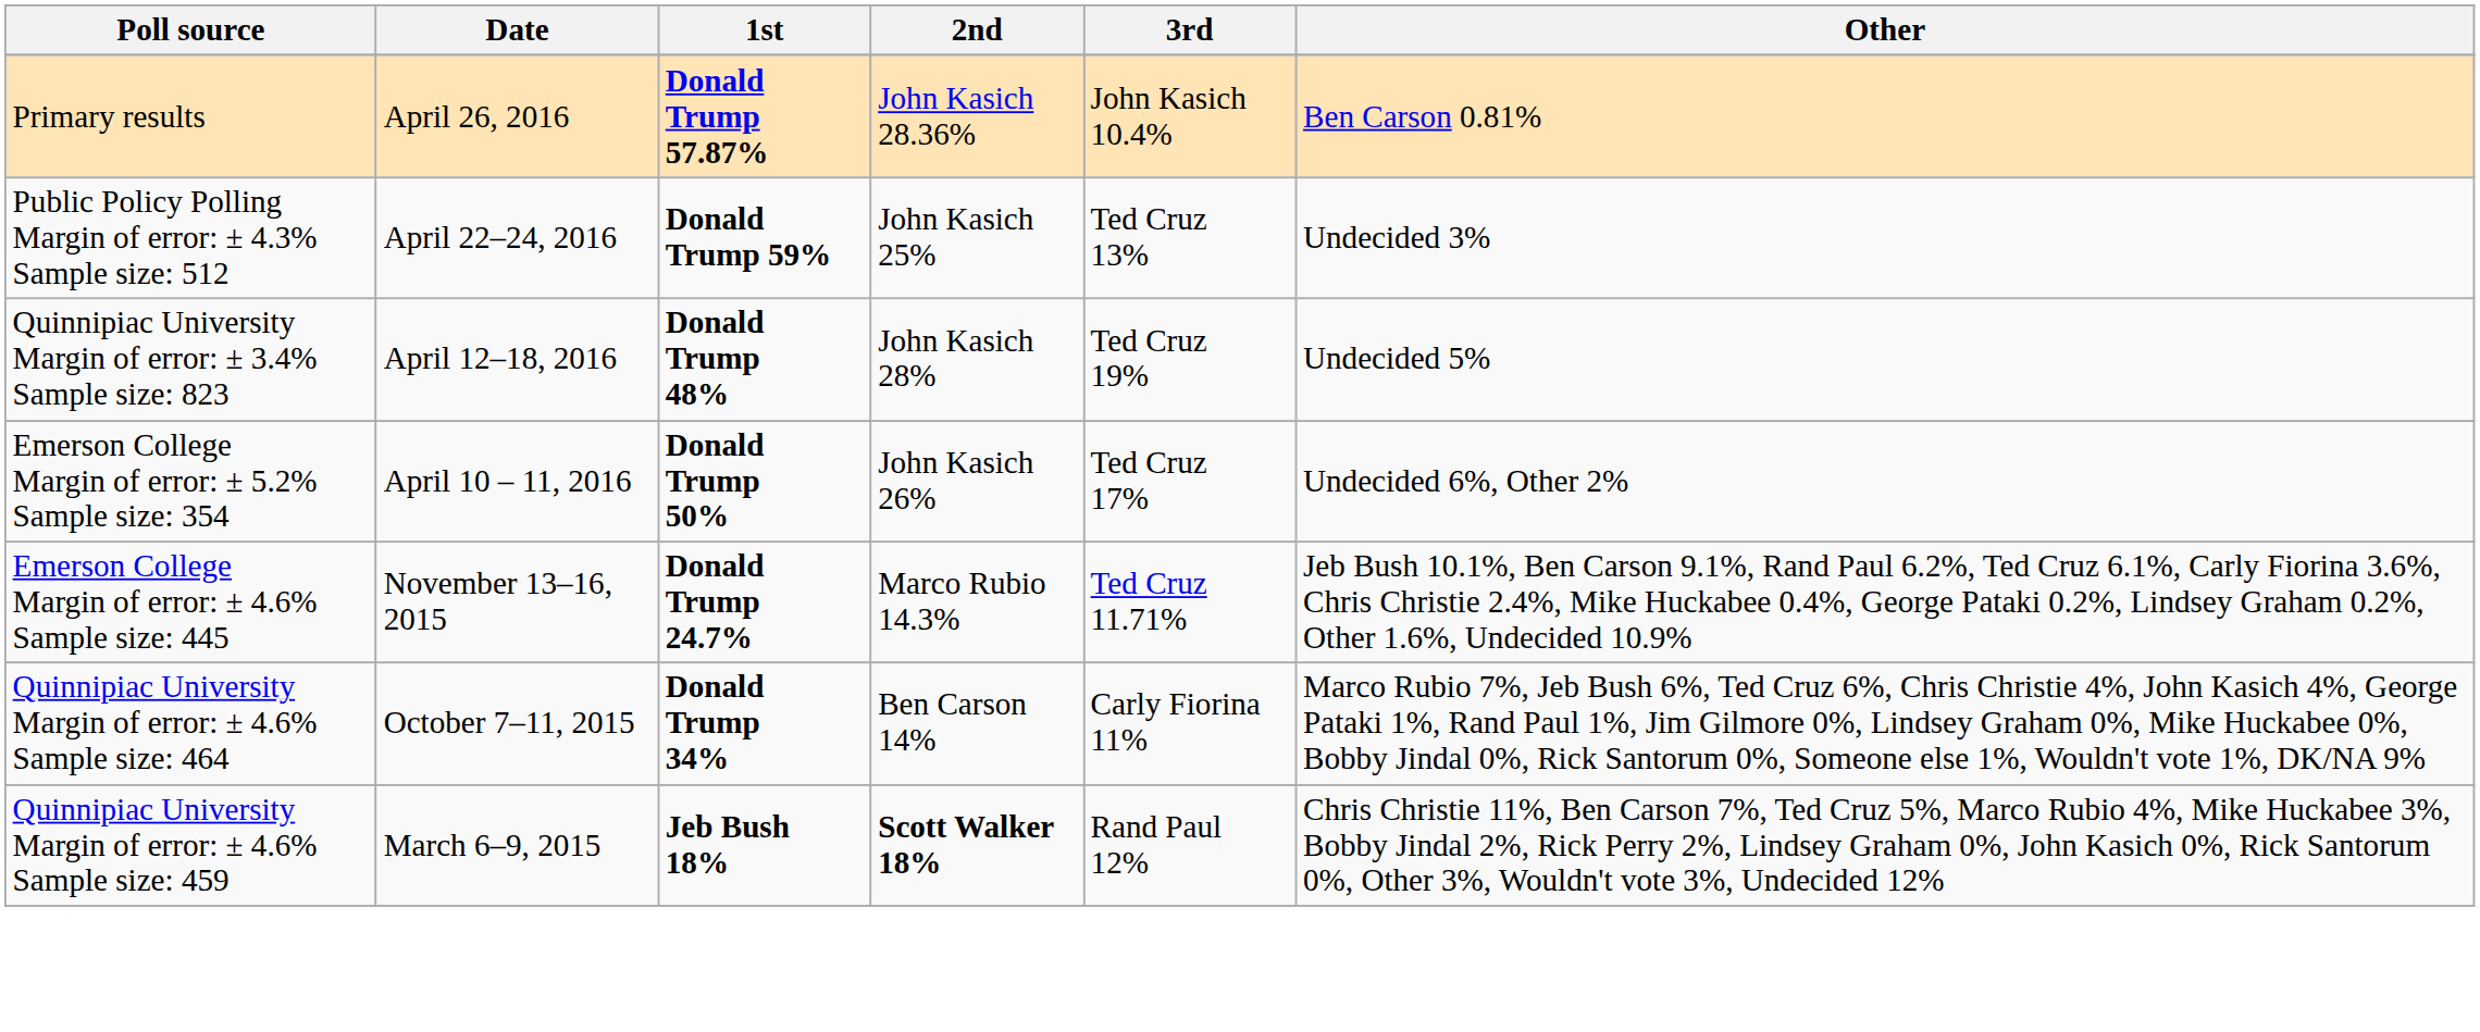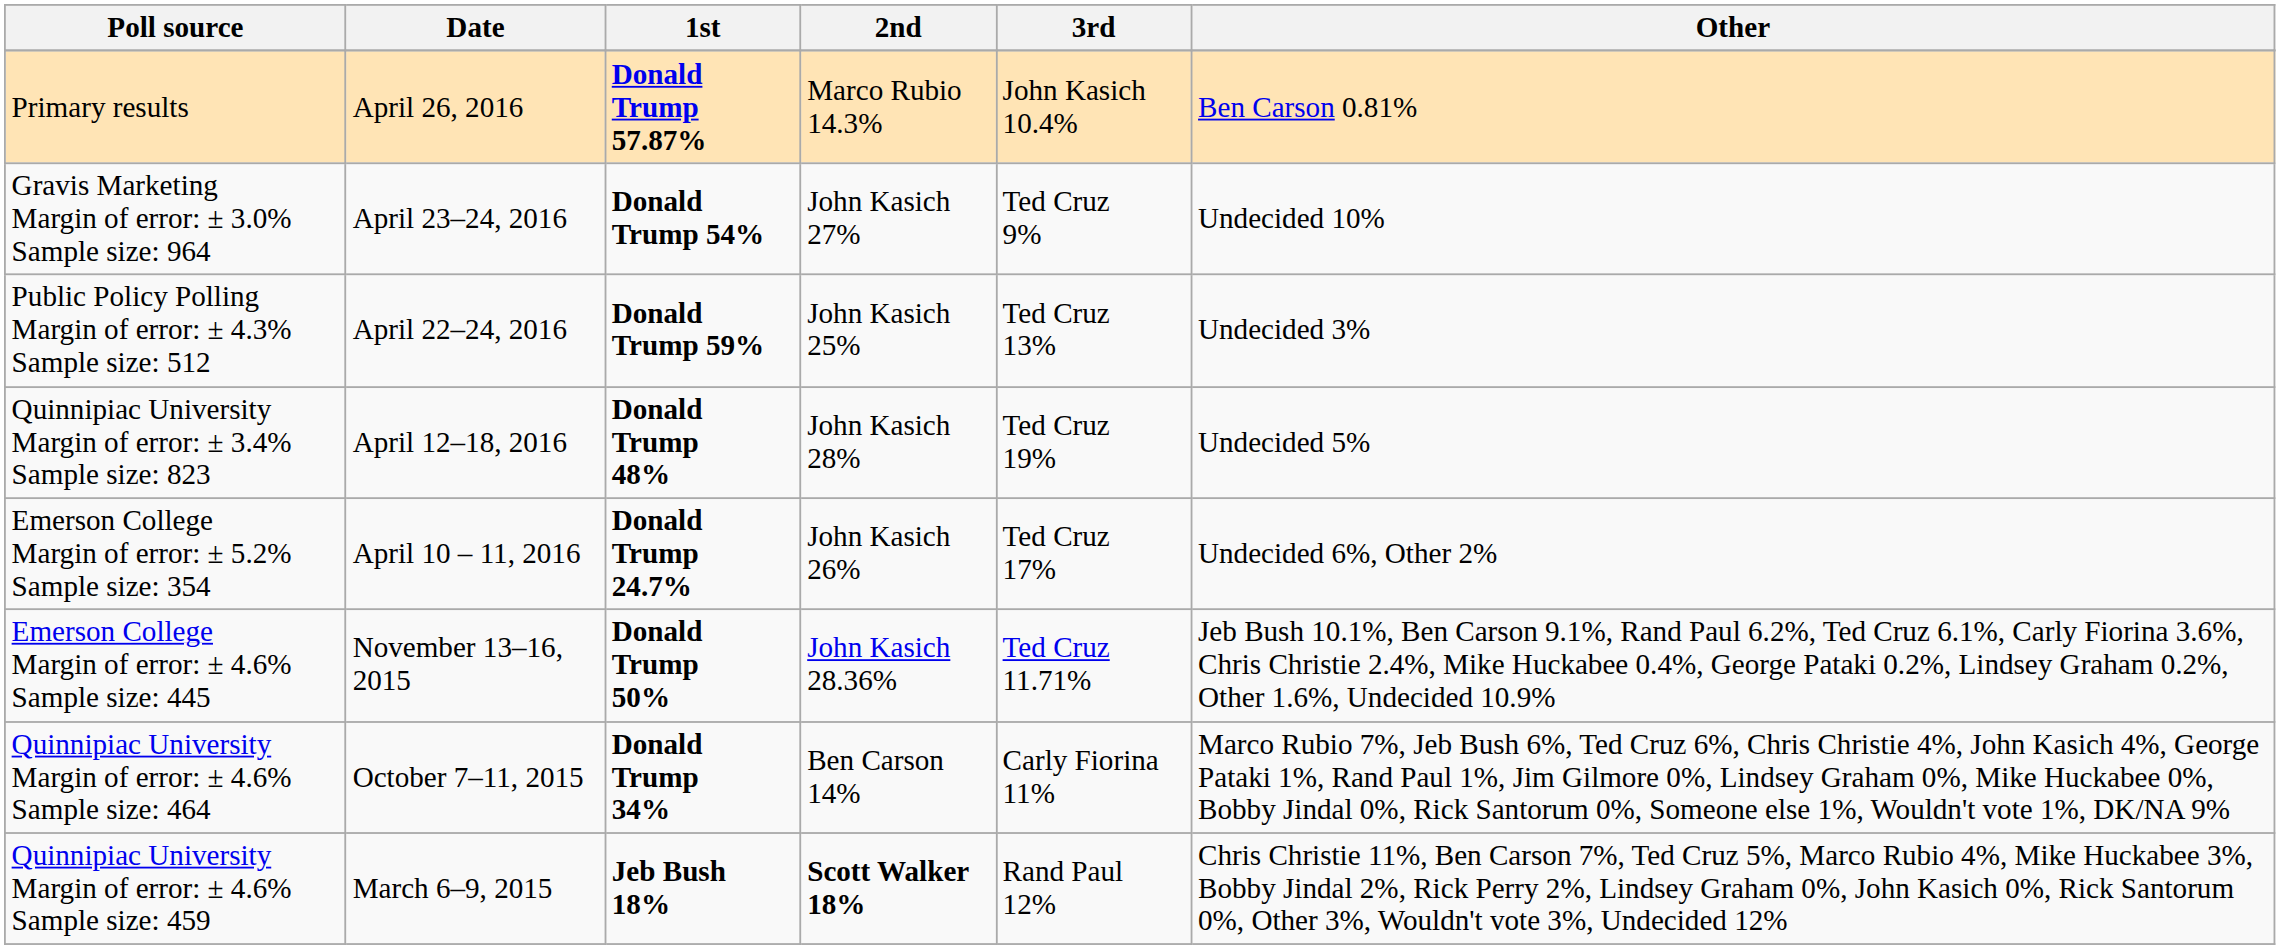 <table class="wikitable">
 <tr>
 <th style="width:180px;">Poll source</th>
 <th style="width:135px;">Date</th>
 <th style="width:100px;">1st</th>
 <th style="width:100px;">2nd</th>
 <th style="width:100px;">3rd</th>
 <th>Other</th>
 </tr>
 <tr>
 </tr>
 <tr style="background:Moccasin;">
 <td>Primary results</td>
 <td>April 26, 2016</td>
 <td><strong><a href='#'>Donald Trump</a><br>57.87%</strong></td>
-<td><a href='#'>John Kasich</a><br>28.36%</td>
+<td>Marco Rubio<br>14.3%</td>
 <td>John Kasich<br>10.4%</td>
 <td><a href='#'>Ben Carson</a> 0.81%</td>
+</tr>
+<tr>
+<td>Gravis Marketing<br>Margin of error: ± 3.0% <br>Sample size: 964</td>
+<td>April 23–24, 2016</td>
+<td><strong>Donald Trump 54%</strong></td>
+<td>John Kasich<br>27%</td>
+<td>Ted Cruz<br>9%</td>
+<td>Undecided 10%</td>
 </tr>
 <tr>
 <td>Public Policy Polling<br>Margin of error: ± 4.3% <br>Sample size: 512</td>
 <td>April 22–24, 2016</td>
 <td><strong>Donald Trump 59%</strong></td>
 <td>John Kasich<br>25%</td>
 <td>Ted Cruz<br>13%</td>
 <td>Undecided 3%</td>
 </tr>
 <tr>
 <td>Quinnipiac University<br>Margin of error: ± 3.4% <br>Sample size: 823</td>
 <td>April 12–18, 2016</td>
 <td><strong>Donald Trump<br>48%</strong></td>
 <td>John Kasich<br>28%</td>
 <td>Ted Cruz<br>19%</td>
 <td>Undecided 5%</td>
 </tr>
 <tr>
 <td>Emerson College<br>Margin of error: ± 5.2% <br>Sample size: 354</td>
 <td>April 10 – 11, 2016</td>
-<td><strong>Donald Trump<br>50%</strong></td>
+<td><strong>Donald Trump<br>24.7%</strong></td>
 <td>John Kasich<br>26%</td>
 <td>Ted Cruz<br>17%</td>
 <td>Undecided 6%, Other 2%</td>
 </tr>
 <tr>
 <td><a href='#'>Emerson College</a><br>Margin of error: ± 4.6% <br>Sample size: 445</td>
 <td>November 13–16, 2015</td>
-<td><strong>Donald Trump<br>24.7%</strong></td>
-<td>Marco Rubio<br>14.3%</td>
+<td><strong>Donald Trump<br>50%</strong></td>
+<td><a href='#'>John Kasich</a><br>28.36%</td>
 <td><a href='#'>Ted Cruz</a><br>11.71%</td>
 <td>Jeb Bush 10.1%, Ben Carson 9.1%, Rand Paul 6.2%, Ted Cruz 6.1%, Carly Fiorina 3.6%, Chris Christie 2.4%, Mike Huckabee 0.4%, George Pataki 0.2%, Lindsey Graham 0.2%, Other 1.6%, Undecided 10.9%</td>
 </tr>
 <tr>
 <td><a href='#'>Quinnipiac University</a><br>Margin of error: ± 4.6% <br>Sample size: 464</td>
 <td>October 7–11, 2015</td>
 <td><strong>Donald Trump<br>34%</strong></td>
 <td>Ben Carson<br>14%</td>
 <td>Carly Fiorina<br>11%</td>
 <td>Marco Rubio 7%, Jeb Bush 6%, Ted Cruz 6%, Chris Christie 4%, John Kasich 4%, George Pataki 1%, Rand Paul 1%, Jim Gilmore 0%, Lindsey Graham 0%, Mike Huckabee 0%, Bobby Jindal 0%, Rick Santorum 0%, Someone else 1%, Wouldn't vote 1%, DK/NA 9%</td>
 </tr>
 <tr>
 <td><a href='#'>Quinnipiac University</a><br>Margin of error: ± 4.6% <br>Sample size: 459</td>
 <td>March 6–9, 2015</td>
 <td><strong>Jeb Bush<br>18%</strong></td>
 <td><strong>Scott Walker<br>18%</strong></td>
 <td>Rand Paul<br>12%</td>
 <td>Chris Christie 11%, Ben Carson 7%, Ted Cruz 5%, Marco Rubio 4%, Mike Huckabee 3%, Bobby Jindal 2%, Rick Perry 2%, Lindsey Graham 0%, John Kasich 0%,  Rick Santorum 0%, Other 3%, Wouldn't vote 3%, Undecided 12%</td>
 </tr>
 </table>
